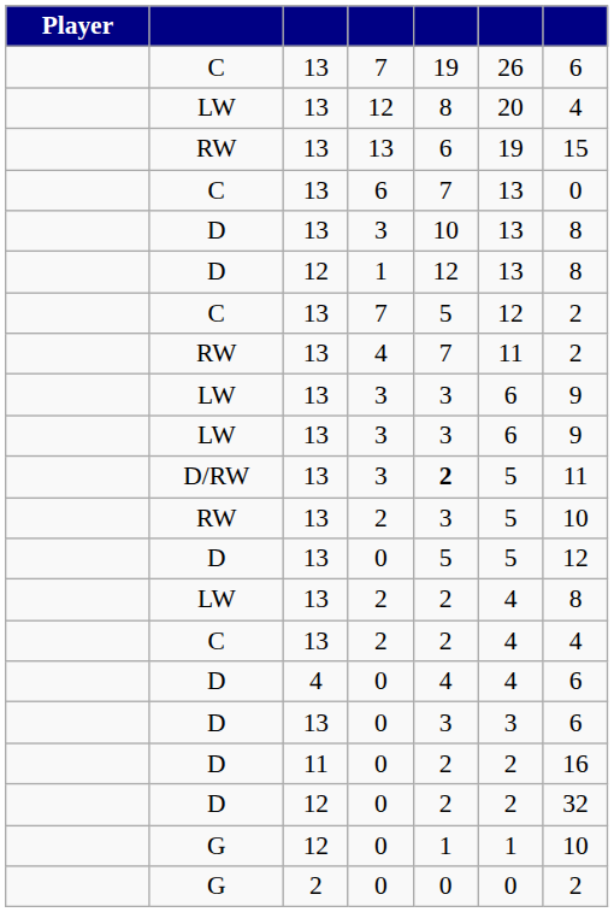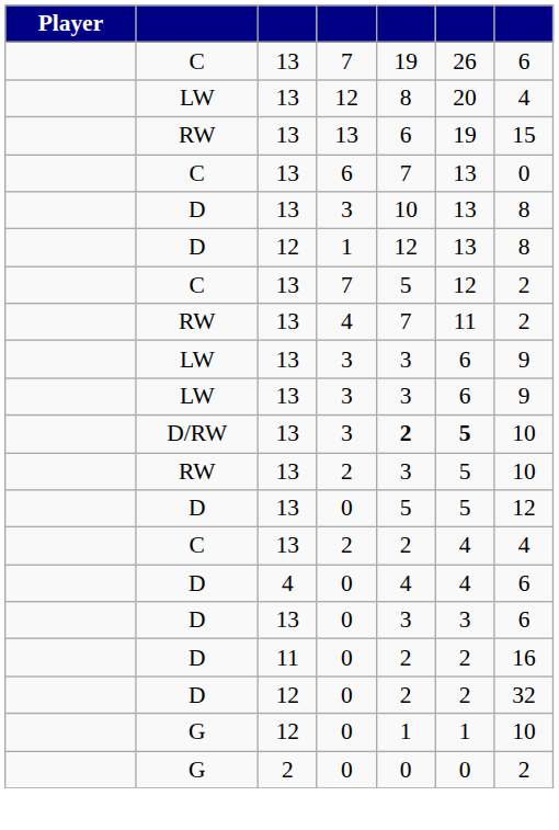 <table style="width:60%;" class="wikitable sortable">
 <tr align=center>
 <th style="color:white; background:#000084; ">Player</th>
 <th style="color:white; background:#000084; "></th>
 <th style="color:white; background:#000084; "></th>
 <th style="color:white; background:#000084; "></th>
 <th style="color:white; background:#000084; "></th>
 <th style="color:white; background:#000084; "></th>
 <th style="color:white; background:#000084; "></th>
 </tr>
 <tr align="center">
 <td align="right"></td>
 <td>C</td>
 <td>13</td>
 <td>7</td>
 <td>19</td>
 <td>26</td>
 <td>6</td>
 </tr>
 <tr align="center">
 <td align="right"></td>
 <td>LW</td>
 <td>13</td>
 <td>12</td>
 <td>8</td>
 <td>20</td>
 <td>4</td>
 </tr>
 <tr align="center">
 <td align="right"></td>
 <td>RW</td>
 <td>13</td>
 <td>13</td>
 <td>6</td>
 <td>19</td>
 <td>15</td>
 </tr>
 <tr align="center">
 <td align="right"></td>
 <td>C</td>
 <td>13</td>
 <td>6</td>
 <td>7</td>
 <td>13</td>
 <td>0</td>
 </tr>
 <tr align="center">
 <td align="right"></td>
 <td>D</td>
 <td>13</td>
 <td>3</td>
 <td>10</td>
 <td>13</td>
 <td>8</td>
 </tr>
 <tr align="center">
 <td align="right"></td>
 <td>D</td>
 <td>12</td>
 <td>1</td>
 <td>12</td>
 <td>13</td>
 <td>8</td>
 </tr>
 <tr align="center">
 <td align="right"></td>
 <td>C</td>
 <td>13</td>
 <td>7</td>
 <td>5</td>
 <td>12</td>
 <td>2</td>
 </tr>
 <tr align="center">
 <td align="right"></td>
 <td>RW</td>
 <td>13</td>
 <td>4</td>
 <td>7</td>
 <td>11</td>
 <td>2</td>
 </tr>
 <tr align="center">
 <td align="right"></td>
 <td>LW</td>
 <td>13</td>
 <td>3</td>
 <td>3</td>
 <td>6</td>
 <td>9</td>
 </tr>
 <tr align="center">
 <td align="right"></td>
 <td>LW</td>
 <td>13</td>
 <td>3</td>
 <td>3</td>
 <td>6</td>
 <td>9</td>
 </tr>
 <tr align="center">
 <td align="right"></td>
 <td>D/RW</td>
 <td>13</td>
 <td>3</td>
 <td><strong>2</strong></td>
-<td>5</td>
-<td>11</td>
+<td><strong>5</strong></td>
+<td>10</td>
 </tr>
 <tr align="center">
 <td align="right"></td>
 <td>RW</td>
 <td>13</td>
 <td>2</td>
 <td>3</td>
 <td>5</td>
 <td>10</td>
 </tr>
 <tr align="center">
 <td align="right"></td>
 <td>D</td>
 <td>13</td>
 <td>0</td>
 <td>5</td>
 <td>5</td>
 <td>12</td>
-</tr>
-<tr align="center">
-<td align="right"></td>
-<td>LW</td>
-<td>13</td>
-<td>2</td>
-<td>2</td>
-<td>4</td>
-<td>8</td>
 </tr>
 <tr align="center">
 <td align="right"></td>
 <td>C</td>
 <td>13</td>
 <td>2</td>
 <td>2</td>
 <td>4</td>
 <td>4</td>
 </tr>
 <tr align="center">
 <td align="right"></td>
 <td>D</td>
 <td>4</td>
 <td>0</td>
 <td>4</td>
 <td>4</td>
 <td>6</td>
 </tr>
 <tr align="center">
 <td align="right"></td>
 <td>D</td>
 <td>13</td>
 <td>0</td>
 <td>3</td>
 <td>3</td>
 <td>6</td>
 </tr>
 <tr align="center">
 <td align="right"></td>
 <td>D</td>
 <td>11</td>
 <td>0</td>
 <td>2</td>
 <td>2</td>
 <td>16</td>
 </tr>
 <tr align="center">
 <td align="right"></td>
 <td>D</td>
 <td>12</td>
 <td>0</td>
 <td>2</td>
 <td>2</td>
 <td>32</td>
 </tr>
 <tr align="center">
 <td align="right"></td>
 <td>G</td>
 <td>12</td>
 <td>0</td>
 <td>1</td>
 <td>1</td>
 <td>10</td>
 </tr>
 <tr align="center">
 <td align="right"></td>
 <td>G</td>
 <td>2</td>
 <td>0</td>
 <td>0</td>
 <td>0</td>
 <td>2</td>
 </tr>
 </table>
